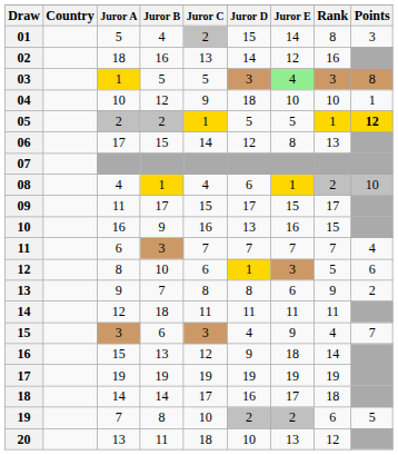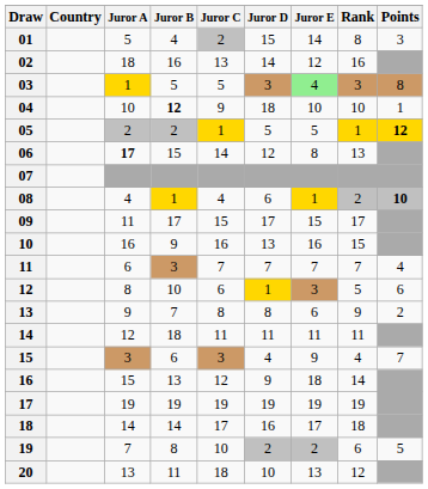 <table class="sortable wikitable collapsible plainrowheaders" style="text-align:center;">
 <tr>
 </tr>
 <tr>
 <th scope="col">Draw</th>
 <th scope="col">Country</th>
 <th scope="col"><small>Juror A</small></th>
 <th scope="col"><small>Juror B</small></th>
 <th scope="col"><small>Juror C</small></th>
 <th scope="col"><small>Juror D</small></th>
 <th scope="col"><small>Juror E</small></th>
 <th scope="col">Rank</th>
 <th scope="col">Points</th>
 </tr>
 <tr>
 <th scope="row" style="text-align:center;">01</th>
 <td style="text-align:left;"></td>
 <td>5</td>
 <td>4</td>
 <td style="background:silver;">2</td>
 <td>15</td>
 <td>14</td>
 <td>8</td>
 <td>3</td>
 </tr>
 <tr>
 <th scope="row" style="text-align:center;">02</th>
 <td style="text-align:left;"></td>
 <td>18</td>
 <td>16</td>
 <td>13</td>
 <td>14</td>
 <td>12</td>
 <td>16</td>
 <td style="background:#AAAAAA;"></td>
 </tr>
 <tr>
 <th scope="row" style="text-align:center;">03</th>
 <td style="text-align:left;"></td>
 <td style="background:gold;">1</td>
 <td>5</td>
 <td>5</td>
 <td style="background:#CC9966;">3</td>
 <td style="background: lightgreen;">4</td>
 <td style="background:#CC9966;">3</td>
 <td style="background:#CC9966;">8</td>
 </tr>
 <tr>
 <th scope="row" style="text-align:center;">04</th>
 <td style="text-align:left;"></td>
 <td>10</td>
-<td>12</td>
+<td><strong>12</strong></td>
 <td>9</td>
 <td>18</td>
 <td>10</td>
 <td>10</td>
 <td>1</td>
 </tr>
 <tr>
 <th scope="row" style="text-align:center;">05</th>
 <td style="text-align:left;"></td>
 <td style="background:silver;">2</td>
 <td style="background:silver;">2</td>
 <td style="background:gold;">1</td>
 <td>5</td>
 <td>5</td>
 <td style="background:gold;">1</td>
 <td style="background:gold;"><strong>12</strong></td>
 </tr>
 <tr>
 <th scope="row" style="text-align:center;">06</th>
 <td style="text-align:left;"></td>
-<td>17</td>
+<td><strong>17</strong></td>
 <td>15</td>
 <td>14</td>
 <td>12</td>
 <td>8</td>
 <td>13</td>
 <td style="background:#AAAAAA;"></td>
 </tr>
 <tr class="sortbottom">
 <th scope="row" style="text-align:center;">07</th>
 <td style="text-align:left;"></td>
 <td style="background:#AAAAAA;"></td>
 <td style="background:#AAAAAA;"></td>
 <td style="background:#AAAAAA;"></td>
 <td style="background:#AAAAAA;"></td>
 <td style="background:#AAAAAA;"></td>
 <td style="background:#AAAAAA;"></td>
 <td style="background:#AAAAAA;"></td>
 </tr>
 <tr>
 <th scope="row" style="text-align:center;">08</th>
 <td style="text-align:left;"></td>
 <td>4</td>
 <td style="background:gold;">1</td>
 <td>4</td>
 <td>6</td>
 <td style="background:gold;">1</td>
 <td style="background:silver;">2</td>
-<td style="background:silver;">10</td>
+<td style="background:silver;"><strong>10</strong></td>
 </tr>
 <tr>
 <th scope="row" style="text-align:center;">09</th>
 <td style="text-align:left;"></td>
 <td>11</td>
 <td>17</td>
 <td>15</td>
 <td>17</td>
 <td>15</td>
 <td>17</td>
 <td style="background:#AAAAAA;"></td>
 </tr>
 <tr>
 <th scope="row" style="text-align:center;">10</th>
 <td style="text-align:left;"></td>
 <td>16</td>
 <td>9</td>
 <td>16</td>
 <td>13</td>
 <td>16</td>
 <td>15</td>
 <td style="background:#AAAAAA;"></td>
 </tr>
 <tr>
 <th scope="row" style="text-align:center;">11</th>
 <td style="text-align:left;"></td>
 <td>6</td>
 <td style="background:#CC9966;">3</td>
 <td>7</td>
 <td>7</td>
 <td>7</td>
 <td>7</td>
 <td>4</td>
 </tr>
 <tr>
 <th scope="row" style="text-align:center;">12</th>
 <td style="text-align:left;"></td>
 <td>8</td>
 <td>10</td>
 <td>6</td>
 <td style="background:gold;">1</td>
 <td style="background:#CC9966;">3</td>
 <td>5</td>
 <td>6</td>
 </tr>
 <tr>
 <th scope="row" style="text-align:center;">13</th>
 <td style="text-align:left;"></td>
 <td>9</td>
 <td>7</td>
 <td>8</td>
 <td>8</td>
 <td>6</td>
 <td>9</td>
 <td>2</td>
 </tr>
 <tr>
 <th scope="row" style="text-align:center;">14</th>
 <td style="text-align:left;"></td>
 <td>12</td>
 <td>18</td>
 <td>11</td>
 <td>11</td>
 <td>11</td>
 <td>11</td>
 <td style="background:#AAAAAA;"></td>
 </tr>
 <tr>
 <th scope="row" style="text-align:center;">15</th>
 <td style="text-align:left;"></td>
 <td style="background:#CC9966;">3</td>
 <td>6</td>
 <td style="background:#CC9966;">3</td>
 <td>4</td>
 <td>9</td>
 <td>4</td>
 <td>7</td>
 </tr>
 <tr>
 <th scope="row" style="text-align:center;">16</th>
 <td style="text-align:left;"></td>
 <td>15</td>
 <td>13</td>
 <td>12</td>
 <td>9</td>
 <td>18</td>
 <td>14</td>
 <td style="background:#AAAAAA;"></td>
 </tr>
 <tr>
 <th scope="row" style="text-align:center;">17</th>
 <td style="text-align:left;"></td>
 <td>19</td>
 <td>19</td>
 <td>19</td>
 <td>19</td>
 <td>19</td>
 <td>19</td>
 <td style="background:#AAAAAA;"></td>
 </tr>
 <tr>
 <th scope="row" style="text-align:center;">18</th>
 <td style="text-align:left;"></td>
 <td>14</td>
 <td>14</td>
 <td>17</td>
 <td>16</td>
 <td>17</td>
 <td>18</td>
 <td style="background:#AAAAAA;"></td>
 </tr>
 <tr>
 <th scope="row" style="text-align:center;">19</th>
 <td style="text-align:left;"></td>
 <td>7</td>
 <td>8</td>
 <td>10</td>
 <td style="background:silver;">2</td>
 <td style="background:silver;">2</td>
 <td>6</td>
 <td>5</td>
 </tr>
 <tr>
 <th scope="row" style="text-align:center;">20</th>
 <td style="text-align:left;"></td>
 <td>13</td>
 <td>11</td>
 <td>18</td>
 <td>10</td>
 <td>13</td>
 <td>12</td>
 <td style="background:#AAAAAA;"></td>
 </tr>
 </table>
